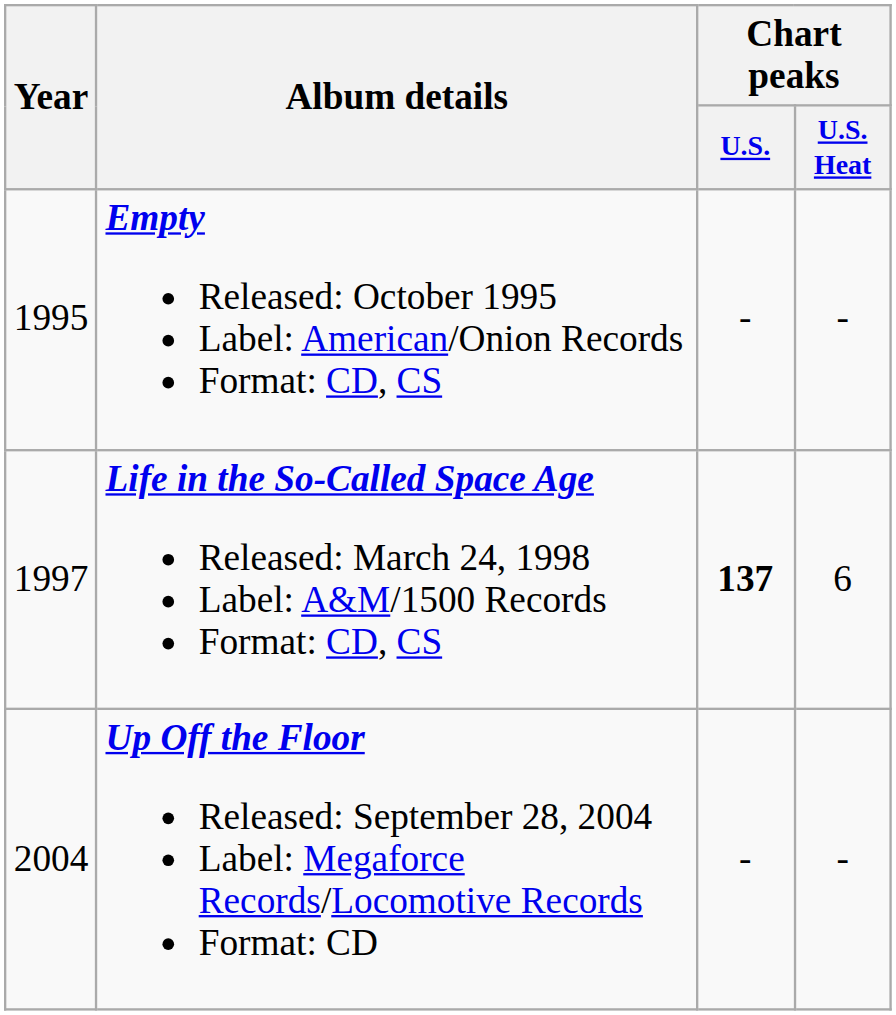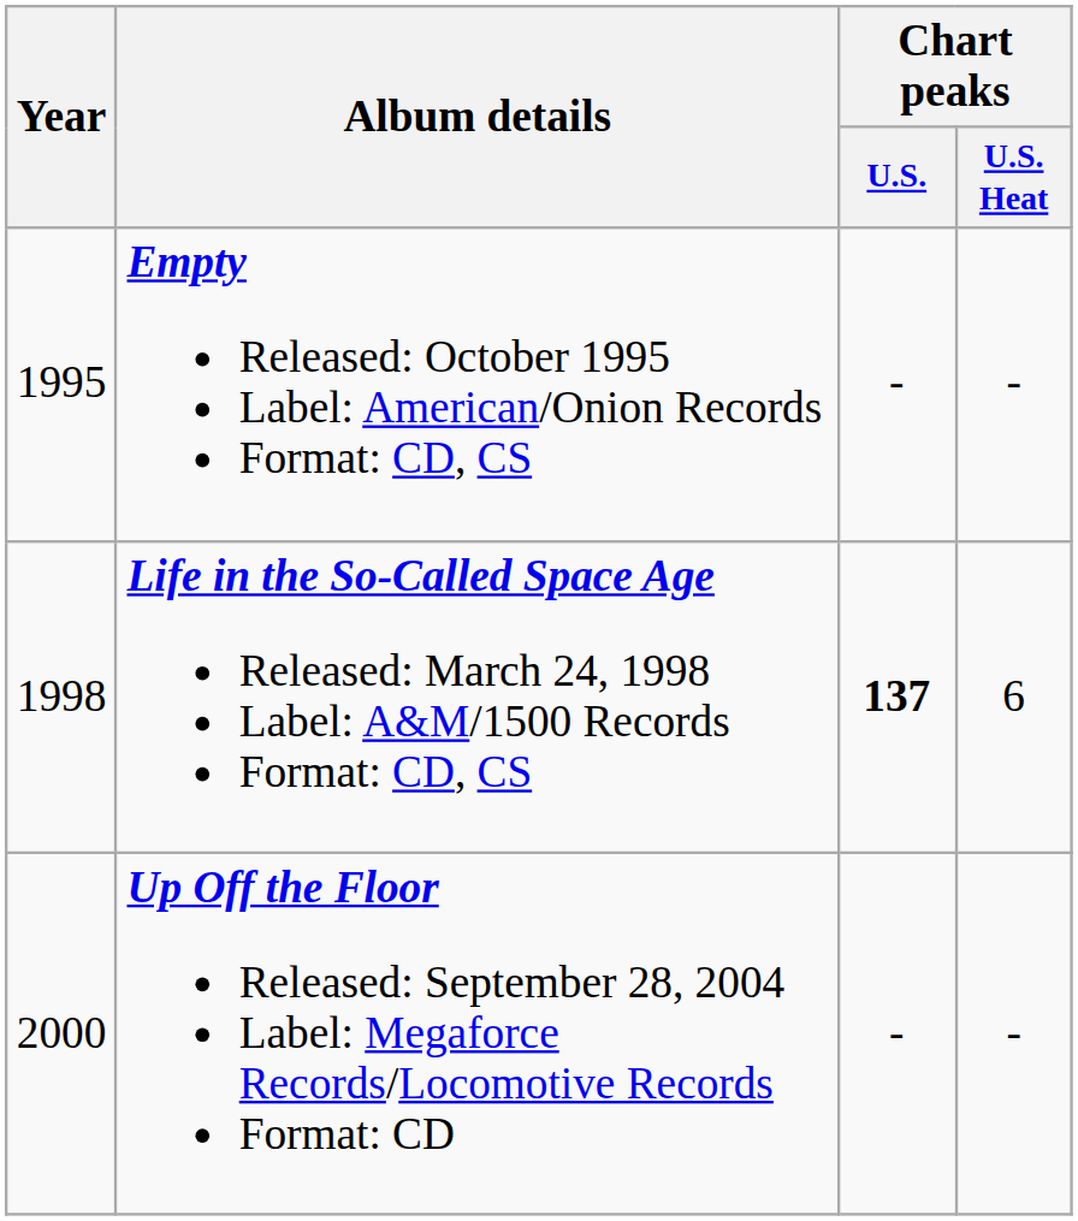 <table class="wikitable">
 <tr>
 <th rowspan="2">Year</th>
 <th rowspan="2" width="250">Album details</th>
 <th colspan="3">Chart peaks</th>
 </tr>
 <tr>
 <th style="width:3em;font-size:75%"><a href='#'>U.S.</a><br></th>
 <th style="width:3em;font-size:75%"><a href='#'>U.S. Heat</a><br></th>
 </tr>
 <tr>
 <td>1995</td>
 <td><strong><em><a href='#'>Empty</a></em></strong><br><ul><li>Released: October 1995</li><li>Label: <a href='#'>American</a>/Onion Records</li><li>Format: <a href='#'>CD</a>, <a href='#'>CS</a></li></ul></td>
 <td align="center">-</td>
 <td align="center">-</td>
 </tr>
 <tr>
-<td>1997</td>
+<td>1998</td>
 <td><strong><em><a href='#'>Life in the So-Called Space Age</a></em></strong><br><ul><li>Released: March 24, 1998</li><li>Label: <a href='#'>A&M</a>/1500 Records</li><li>Format: <a href='#'>CD</a>, <a href='#'>CS</a></li></ul></td>
 <td align="center"><strong>137</strong></td>
 <td align="center">6</td>
 </tr>
 <tr>
-<td>2004</td>
+<td>2000</td>
 <td><strong><em><a href='#'>Up Off the Floor</a></em></strong><br><ul><li>Released: September 28, 2004</li><li>Label: <a href='#'>Megaforce Records</a>/<a href='#'>Locomotive Records</a></li><li>Format: CD</li></ul></td>
 <td align="center">-</td>
 <td align="center">-</td>
 </tr>
 </table>
